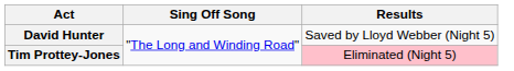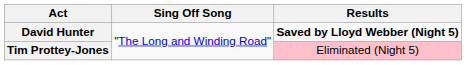 <table class="wikitable plainrowheaders" style="text-align:center;">
 <tr>
 <th scope="col">Act</th>
 <th scope="col">Sing Off Song</th>
 <th scope="col">Results</th>
 </tr>
 <tr>
 <th scope="row">David Hunter</th>
 <td rowspan="2">"<a href='#'>The Long and Winding Road</a>"</td>
-<td>Saved by Lloyd Webber (Night 5) </td>
+<td><strong>Saved by Lloyd Webber (Night 5) </strong></td>
 </tr>
 <tr>
 <th scope="row">Tim Prottey-Jones</th>
 <td style="background:pink;">Eliminated (Night 5) </td>
 </tr>
 </table>
